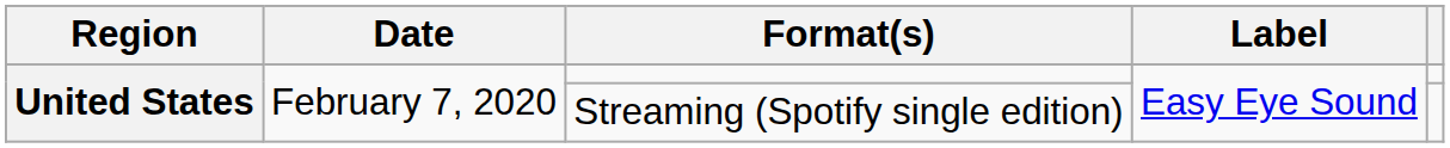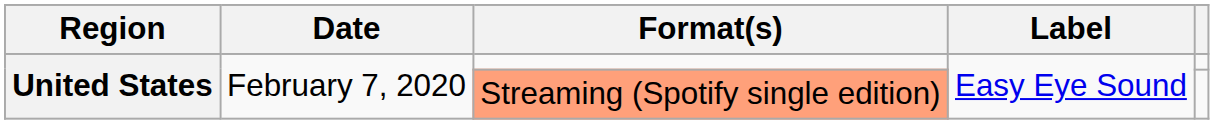 <table class="wikitable plainrowheaders">
 <tr>
 <th scope="col">Region</th>
 <th scope="col">Date</th>
 <th scope="col">Format(s)</th>
 <th scope="col">Label</th>
 <th scope="col"></th>
 </tr>
 <tr>
 <th scope="row" rowspan="2">United States</th>
 <td rowspan="2">February 7, 2020</td>
 <td></td>
 <td rowspan="2"><a href='#'>Easy Eye Sound</a></td>
 <td style="text-align:center;"></td>
 </tr>
 <tr>
-<td>Streaming (Spotify single edition)</td>
+<td style="background: lightsalmon;">Streaming (Spotify single edition)</td>
 <td style="text-align:center;"></td>
 </tr>
 </table>
